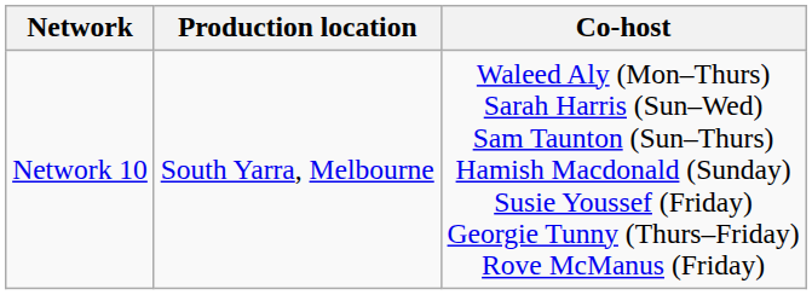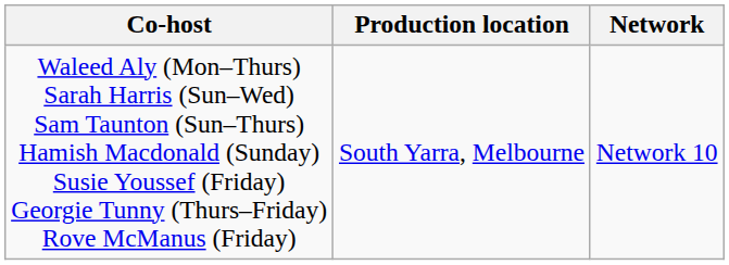 <table class="wikitable">
 <tr>
+<th>Co-host</th>
+<th>Production location</th>
 <th>Network</th>
-<th>Production location</th>
-<th>Co-host</th>
 </tr>
 <tr style="text-align:center">
+<td><a href='#'>Waleed Aly</a> (Mon–Thurs)<br><a href='#'>Sarah Harris</a> (Sun–Wed)<br><a href='#'>Sam Taunton</a> (Sun–Thurs)<br><a href='#'>Hamish Macdonald</a> (Sunday)<br><a href='#'>Susie Youssef</a> (Friday)<br><a href='#'>Georgie Tunny</a> (Thurs–Friday)<br> <a href='#'>Rove McManus</a> (Friday)</td>
+<td><a href='#'>South Yarra</a>, <a href='#'>Melbourne</a></td>
 <td><a href='#'>Network 10</a></td>
-<td><a href='#'>South Yarra</a>, <a href='#'>Melbourne</a></td>
-<td><a href='#'>Waleed Aly</a> (Mon–Thurs)<br><a href='#'>Sarah Harris</a> (Sun–Wed)<br><a href='#'>Sam Taunton</a> (Sun–Thurs)<br><a href='#'>Hamish Macdonald</a> (Sunday)<br><a href='#'>Susie Youssef</a> (Friday)<br><a href='#'>Georgie Tunny</a> (Thurs–Friday)<br> <a href='#'>Rove McManus</a> (Friday)</td>
 </tr>
 </table>
